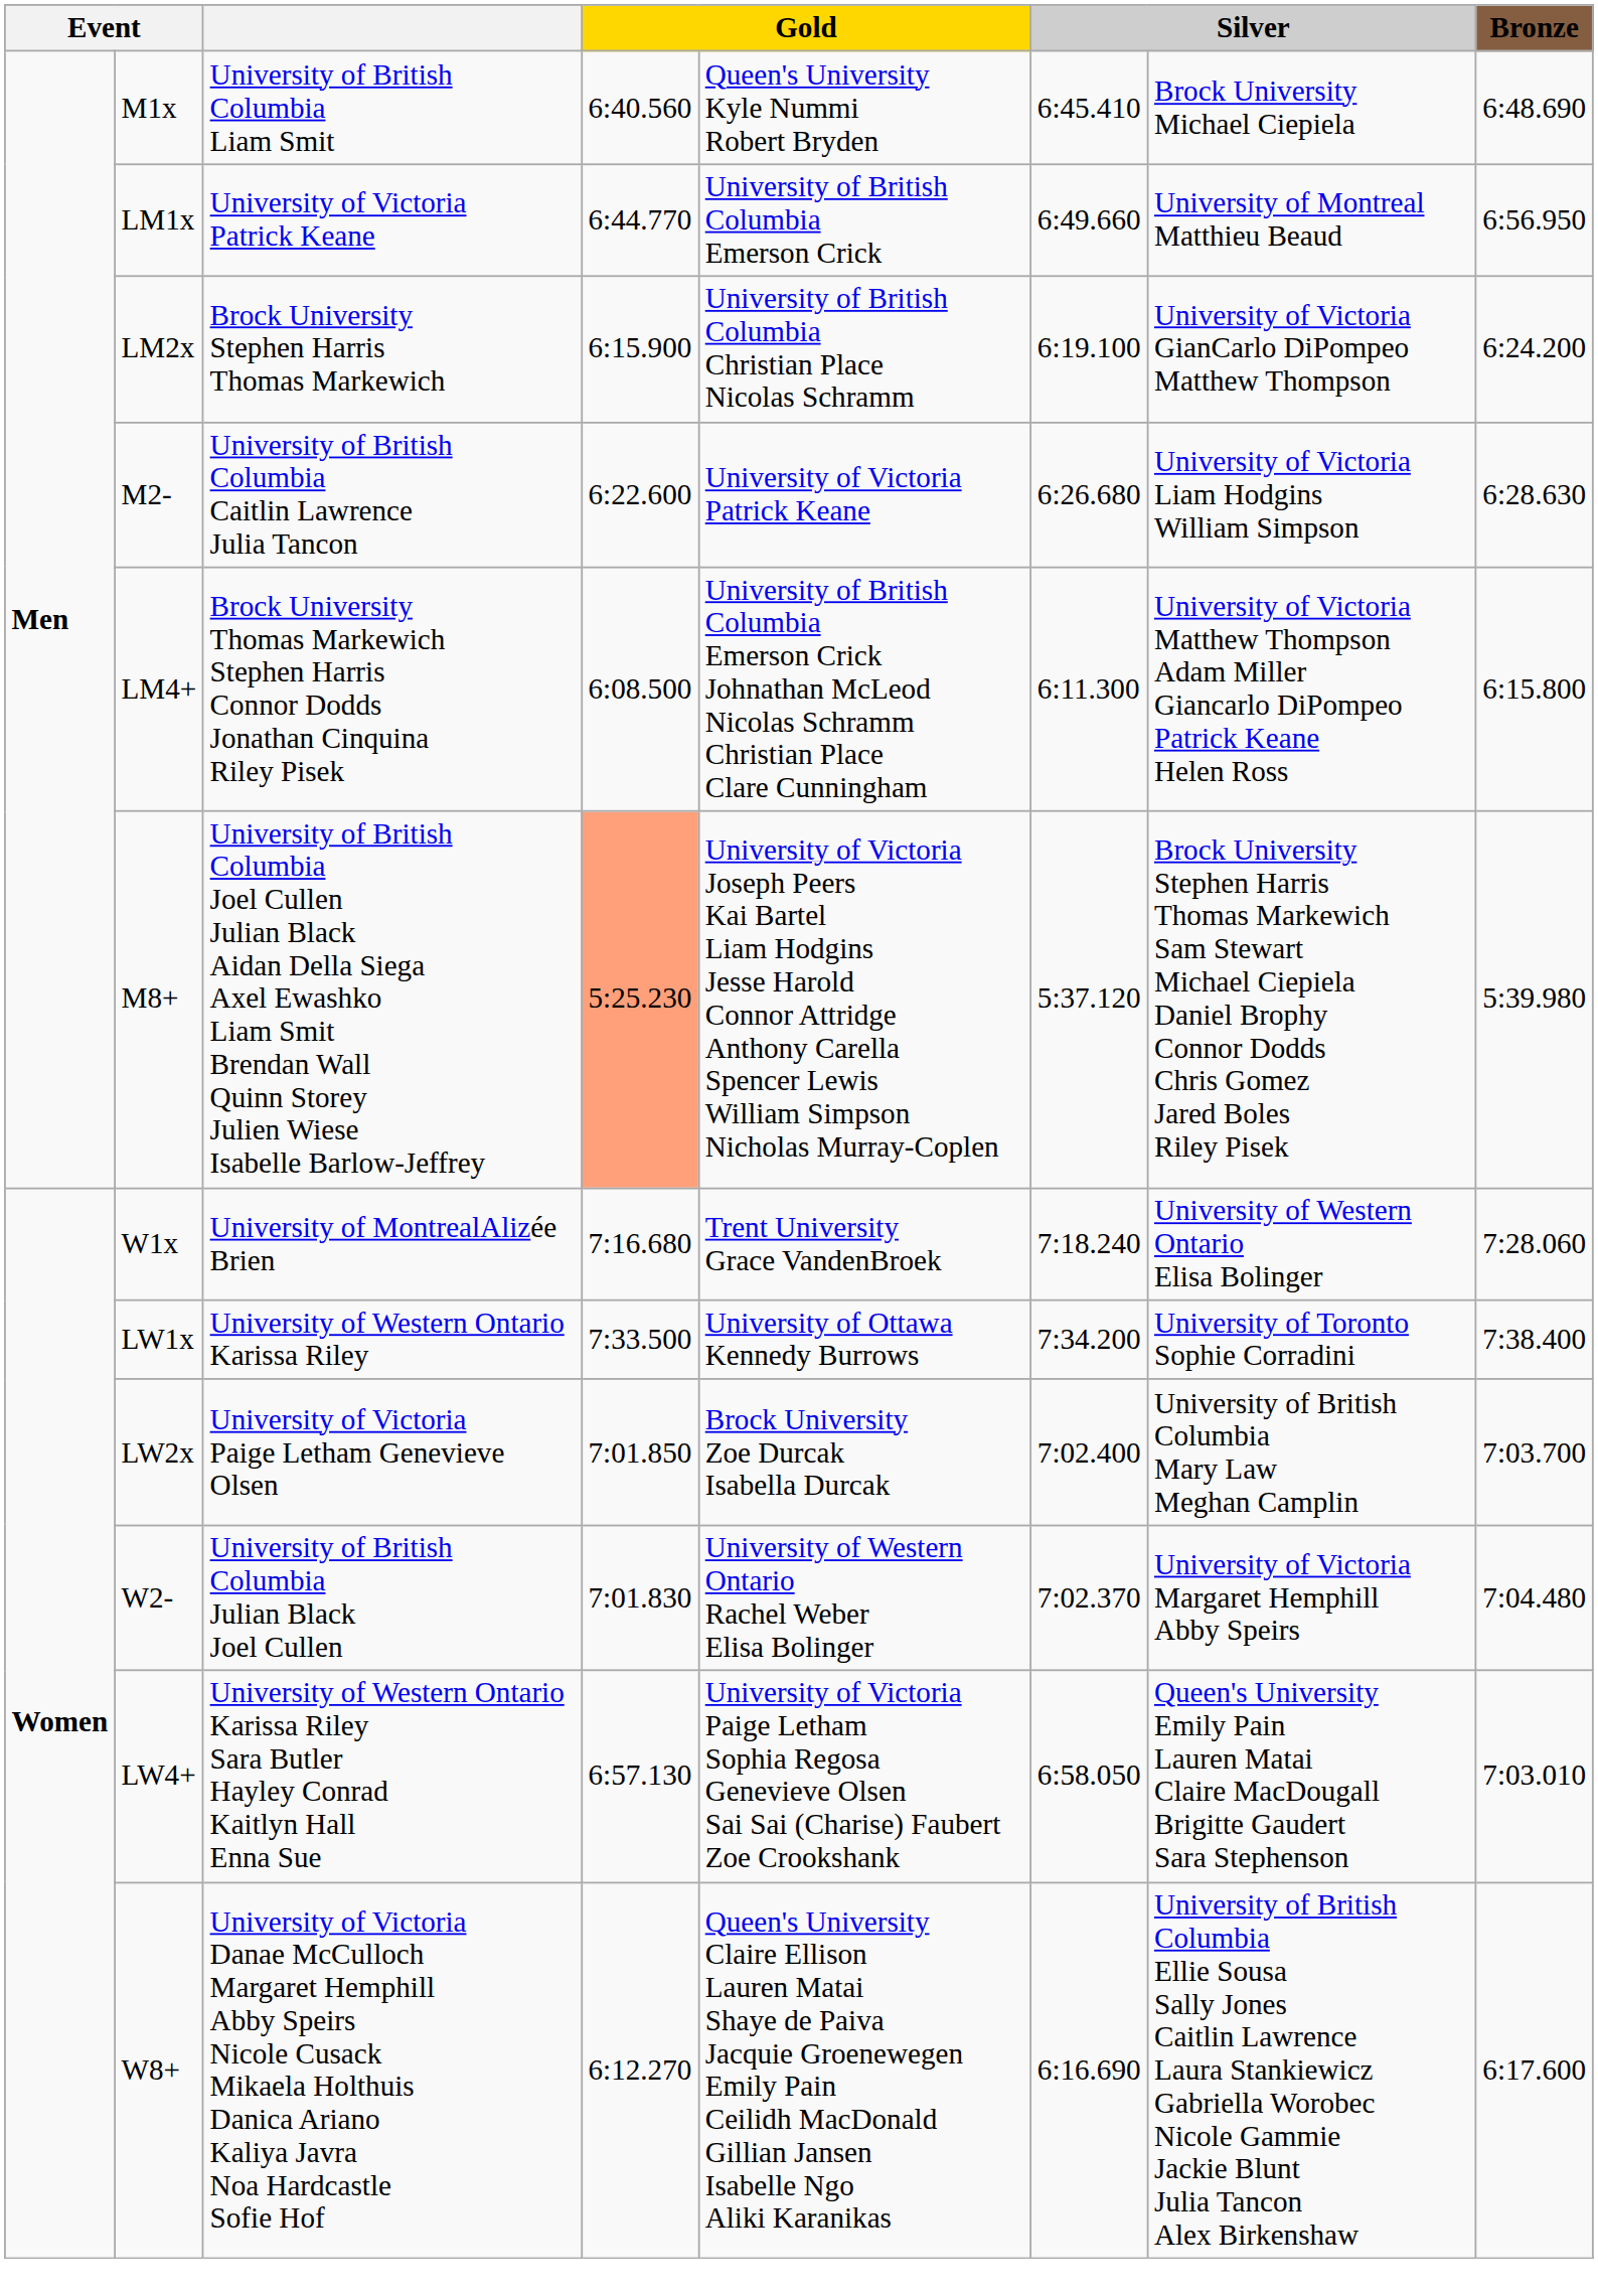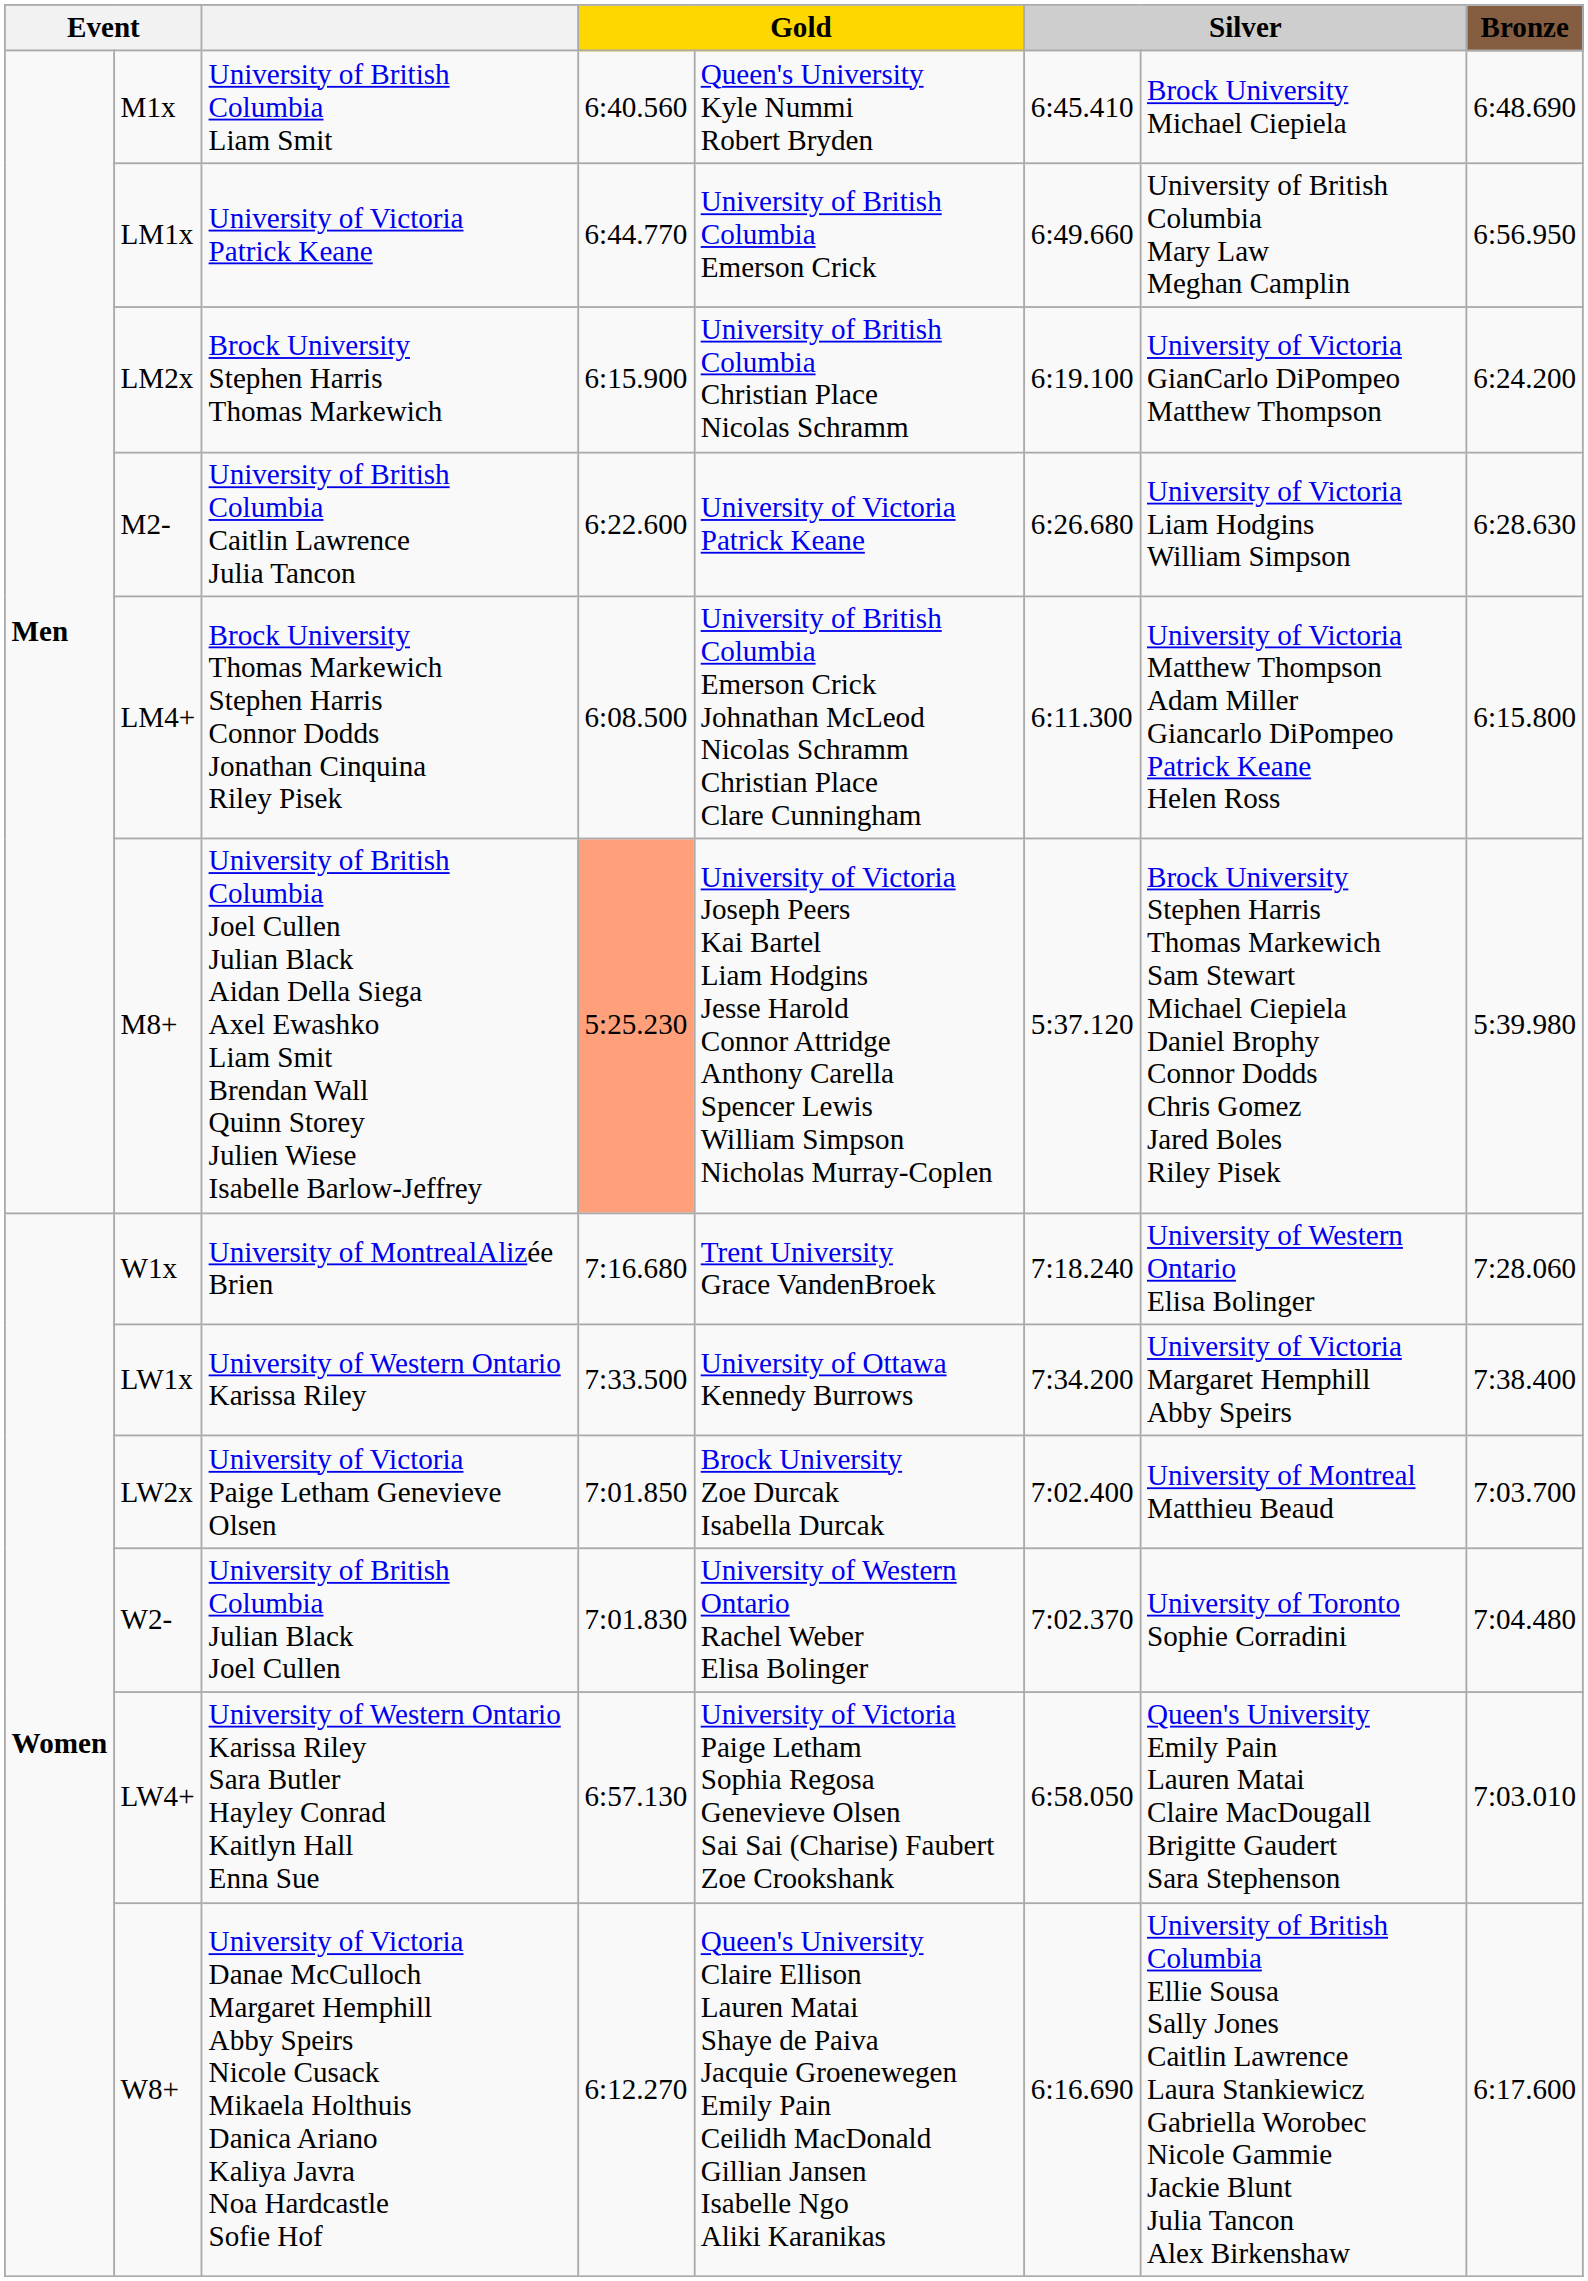 <table class="wikitable mw-collapsible mw-collapsed">
 <tr>
 <th colspan="2">Event</th>
 <th></th>
 <th colspan="2" style="background:#FFD700;">Gold</th>
 <th colspan="2" style="background:#CECECE;">Silver</th>
 <th colspan="2" style="background:#855E42;">Bronze</th>
 </tr>
 <tr>
 <td rowspan="6"><strong>Men</strong></td>
 <td>M1x</td>
 <td><a href='#'>University of British Columbia</a><br>Liam Smit</td>
 <td>6:40.560</td>
 <td><a href='#'>Queen's University</a><br>Kyle Nummi<br>Robert Bryden</td>
 <td>6:45.410</td>
 <td><a href='#'>Brock University</a><br>Michael Ciepiela</td>
 <td>6:48.690</td>
 </tr>
 <tr>
 <td>LM1x</td>
 <td><a href='#'>University of Victoria</a><br><a href='#'>Patrick Keane</a></td>
 <td>6:44.770</td>
 <td><a href='#'>University of British Columbia</a><br>Emerson Crick</td>
 <td>6:49.660</td>
-<td><a href='#'>University of Montreal</a><br>Matthieu Beaud</td>
+<td>University of British Columbia<br>Mary Law<br>Meghan Camplin</td>
 <td>6:56.950</td>
 </tr>
 <tr>
 <td>LM2x</td>
 <td><a href='#'>Brock University</a><br>Stephen Harris<br>Thomas Markewich</td>
 <td>6:15.900</td>
 <td><a href='#'>University of British Columbia</a><br>Christian Place<br>Nicolas Schramm</td>
 <td>6:19.100</td>
 <td><a href='#'>University of Victoria</a><br>GianCarlo DiPompeo<br>Matthew Thompson</td>
 <td>6:24.200</td>
 </tr>
 <tr>
 <td>M2-</td>
 <td><a href='#'>University of British Columbia</a><br>Caitlin Lawrence<br>Julia Tancon</td>
 <td>6:22.600</td>
 <td><a href='#'>University of Victoria</a><br><a href='#'>Patrick Keane</a></td>
 <td>6:26.680</td>
 <td><a href='#'>University of Victoria</a><br>Liam Hodgins<br>William Simpson</td>
 <td>6:28.630</td>
 </tr>
 <tr>
 <td>LM4+</td>
 <td><a href='#'>Brock University</a><br>Thomas Markewich<br>Stephen Harris<br>Connor Dodds<br>Jonathan Cinquina<br>Riley Pisek</td>
 <td>6:08.500</td>
 <td><a href='#'>University of British Columbia</a><br>Emerson Crick<br>Johnathan McLeod<br>Nicolas Schramm<br>Christian Place<br>Clare Cunningham</td>
 <td>6:11.300</td>
 <td><a href='#'>University of Victoria</a><br>Matthew Thompson<br>Adam Miller<br>Giancarlo DiPompeo<br><a href='#'>Patrick Keane</a><br>Helen Ross</td>
 <td>6:15.800</td>
 </tr>
 <tr>
 <td>M8+</td>
 <td><a href='#'>University of British Columbia</a><br>Joel Cullen<br>Julian Black<br>Aidan Della Siega<br>Axel Ewashko<br>Liam Smit<br>Brendan Wall<br>Quinn Storey<br>Julien Wiese<br>Isabelle Barlow-Jeffrey</td>
 <td style="background: lightsalmon;">5:25.230</td>
 <td><a href='#'>University of Victoria</a><br>Joseph Peers<br>Kai Bartel<br>Liam Hodgins<br>Jesse Harold<br>Connor Attridge<br>Anthony Carella<br>Spencer Lewis<br>William Simpson<br>Nicholas Murray-Coplen</td>
 <td>5:37.120</td>
 <td><a href='#'>Brock University</a><br>Stephen Harris<br>Thomas Markewich<br>Sam Stewart<br>Michael Ciepiela<br>Daniel Brophy<br>Connor Dodds<br>Chris Gomez<br>Jared Boles<br>Riley Pisek</td>
 <td>5:39.980</td>
 </tr>
 <tr>
 <td rowspan="6"><strong>Women</strong></td>
 <td>W1x</td>
 <td><a href='#'>University of MontrealAliz</a>ée Brien</td>
 <td>7:16.680</td>
 <td><a href='#'>Trent University</a><br>Grace VandenBroek</td>
 <td>7:18.240</td>
 <td><a href='#'>University of Western Ontario</a><br>Elisa Bolinger</td>
 <td>7:28.060</td>
 </tr>
 <tr>
 <td>LW1x</td>
 <td><a href='#'>University of Western Ontario</a><br>Karissa Riley</td>
 <td>7:33.500</td>
 <td><a href='#'>University of Ottawa</a><br>Kennedy Burrows</td>
 <td>7:34.200</td>
-<td><a href='#'>University of Toronto</a><br>Sophie Corradini</td>
+<td><a href='#'>University of Victoria</a><br>Margaret Hemphill<br>Abby Speirs</td>
 <td>7:38.400</td>
 </tr>
 <tr>
 <td>LW2x</td>
 <td><a href='#'>University of Victoria</a><br>Paige Letham Genevieve Olsen</td>
 <td>7:01.850</td>
 <td><a href='#'>Brock University</a><br>Zoe Durcak<br>Isabella Durcak</td>
 <td>7:02.400</td>
-<td>University of British Columbia<br>Mary Law<br>Meghan Camplin</td>
+<td><a href='#'>University of Montreal</a><br>Matthieu Beaud</td>
 <td>7:03.700</td>
 </tr>
 <tr>
 <td>W2-</td>
 <td><a href='#'>University of British Columbia</a><br>Julian Black<br>Joel Cullen</td>
 <td>7:01.830</td>
 <td><a href='#'>University of Western Ontario</a><br>Rachel Weber<br>Elisa Bolinger</td>
 <td>7:02.370</td>
-<td><a href='#'>University of Victoria</a><br>Margaret Hemphill<br>Abby Speirs</td>
+<td><a href='#'>University of Toronto</a><br>Sophie Corradini</td>
 <td>7:04.480</td>
 </tr>
 <tr>
 <td>LW4+</td>
 <td><a href='#'>University of Western Ontario</a><br>Karissa Riley<br>Sara Butler<br>Hayley Conrad<br>Kaitlyn Hall<br>Enna Sue</td>
 <td>6:57.130</td>
 <td><a href='#'>University of Victoria</a><br>Paige Letham<br>Sophia Regosa<br>Genevieve Olsen<br>Sai Sai (Charise) Faubert<br>Zoe Crookshank</td>
 <td>6:58.050</td>
 <td><a href='#'>Queen's University</a><br>Emily Pain<br>Lauren Matai<br>Claire MacDougall<br>Brigitte Gaudert<br>Sara Stephenson</td>
 <td>7:03.010</td>
 </tr>
 <tr>
 <td>W8+</td>
 <td><a href='#'>University of Victoria</a><br>Danae McCulloch<br>Margaret Hemphill<br>Abby Speirs<br>Nicole Cusack<br>Mikaela Holthuis<br>Danica Ariano<br>Kaliya Javra<br>Noa Hardcastle<br>Sofie Hof</td>
 <td>6:12.270</td>
 <td><a href='#'>Queen's University</a><br>Claire Ellison<br>Lauren Matai<br>Shaye de Paiva<br>Jacquie Groenewegen<br>Emily Pain<br>Ceilidh MacDonald<br>Gillian Jansen<br>Isabelle Ngo<br>Aliki Karanikas</td>
 <td>6:16.690</td>
 <td><a href='#'>University of British Columbia</a><br>Ellie Sousa<br>Sally Jones<br>Caitlin Lawrence<br>Laura Stankiewicz<br>Gabriella Worobec<br>Nicole Gammie<br>Jackie Blunt<br>Julia Tancon<br>Alex Birkenshaw</td>
 <td>6:17.600</td>
 </tr>
 </table>
